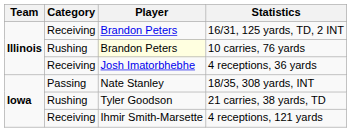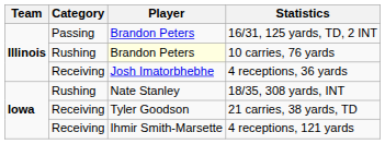 <table class="wikitable" style="float: left;">
 <tr>
 <th>Team</th>
 <th>Category</th>
 <th>Player</th>
 <th>Statistics</th>
 </tr>
 <tr>
 <td rowspan=3><strong>Illinois</strong></td>
-<td>Receiving</td>
+<td>Passing</td>
 <td><a href='#'>Brandon Peters</a></td>
 <td>16/31, 125 yards, TD, 2 INT</td>
 </tr>
 <tr>
 <td>Rushing</td>
 <td style="background: lightyellow;">Brandon Peters</td>
 <td>10 carries, 76 yards</td>
 </tr>
 <tr>
 <td>Receiving</td>
 <td><a href='#'>Josh Imatorbhebhe</a></td>
 <td>4 receptions, 36 yards</td>
 </tr>
 <tr>
 <td rowspan=3><strong>Iowa</strong></td>
-<td>Passing</td>
+<td>Rushing</td>
 <td>Nate Stanley</td>
 <td>18/35, 308 yards, INT</td>
 </tr>
 <tr>
-<td>Rushing</td>
+<td>Receiving</td>
 <td>Tyler Goodson</td>
 <td>21 carries, 38 yards, TD</td>
 </tr>
 <tr>
 <td>Receiving</td>
 <td>Ihmir Smith-Marsette</td>
 <td>4 receptions, 121 yards</td>
 </tr>
 </table>
